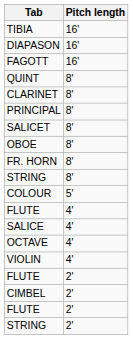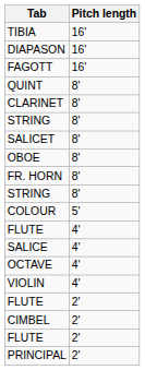 <table class="wikitable" style="text-align:left">
 <tr>
 <th>Tab</th>
 <th>Pitch length</th>
 </tr>
 <tr>
 <td>TIBIA</td>
 <td>16'</td>
 </tr>
 <tr>
 <td>DIAPASON</td>
 <td>16'</td>
 </tr>
 <tr>
 <td>FAGOTT</td>
 <td>16'</td>
 </tr>
 <tr>
 <td>QUINT</td>
 <td>8'</td>
 </tr>
 <tr>
 <td>CLARINET</td>
 <td>8'</td>
 </tr>
 <tr>
-<td>PRINCIPAL</td>
+<td>STRING</td>
 <td>8'</td>
 </tr>
 <tr>
 <td>SALICET</td>
 <td>8'</td>
 </tr>
 <tr>
 <td>OBOE</td>
 <td>8'</td>
 </tr>
 <tr>
 <td>FR. HORN</td>
 <td>8'</td>
 </tr>
 <tr>
 <td>STRING</td>
 <td>8'</td>
 </tr>
 <tr>
 <td>COLOUR</td>
 <td>5'</td>
 </tr>
 <tr>
 <td>FLUTE</td>
 <td>4'</td>
 </tr>
 <tr>
 <td>SALICE</td>
 <td>4'</td>
 </tr>
 <tr>
 <td>OCTAVE</td>
 <td>4'</td>
 </tr>
 <tr>
 <td>VIOLIN</td>
 <td>4'</td>
 </tr>
 <tr>
 <td>FLUTE</td>
 <td>2'</td>
 </tr>
 <tr>
 <td>CIMBEL</td>
 <td>2'</td>
 </tr>
 <tr>
 <td>FLUTE</td>
 <td>2'</td>
 </tr>
 <tr>
-<td>STRING</td>
+<td>PRINCIPAL</td>
 <td>2'</td>
 </tr>
 </table>
